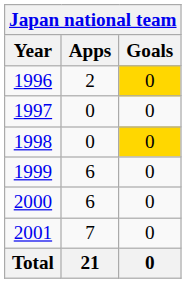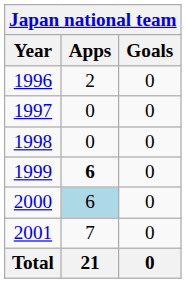 <table class="wikitable" style="text-align:center">
 <tr>
 <th colspan=3><a href='#'>Japan national team</a></th>
 </tr>
 <tr>
 <th>Year</th>
 <th>Apps</th>
 <th>Goals</th>
 </tr>
 <tr>
 <td><a href='#'>1996</a></td>
 <td>2</td>
-<td style="background: gold;">0</td>
+<td>0</td>
 </tr>
 <tr>
 <td><a href='#'>1997</a></td>
 <td>0</td>
 <td>0</td>
 </tr>
 <tr>
 <td><a href='#'>1998</a></td>
 <td>0</td>
-<td style="background: gold;">0</td>
+<td>0</td>
 </tr>
 <tr>
 <td><a href='#'>1999</a></td>
-<td>6</td>
+<td><strong>6</strong></td>
 <td>0</td>
 </tr>
 <tr>
 <td><a href='#'>2000</a></td>
-<td>6</td>
+<td style="background: lightblue;">6</td>
 <td>0</td>
 </tr>
 <tr>
 <td><a href='#'>2001</a></td>
 <td>7</td>
 <td>0</td>
 </tr>
 <tr>
 <th>Total</th>
 <th>21</th>
 <th>0</th>
 </tr>
 </table>
